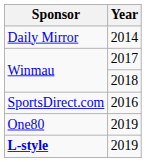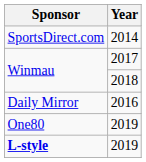 <table class="wikitable sortable">
 <tr>
 <th>Sponsor</th>
 <th>Year</th>
 </tr>
 <tr>
-<td><a href='#'>Daily Mirror</a></td>
+<td><a href='#'>SportsDirect.com</a></td>
 <td>2014</td>
 </tr>
 <tr>
 <td rowspan="2"><a href='#'>Winmau</a></td>
 <td>2017</td>
 </tr>
 <tr>
 <td>2018</td>
 </tr>
 <tr>
-<td><a href='#'>SportsDirect.com</a></td>
+<td><a href='#'>Daily Mirror</a></td>
 <td>2016</td>
 </tr>
 <tr>
 <td><a href='#'>One80</a></td>
 <td>2019</td>
 </tr>
 <tr>
 <td><strong><a href='#'>L-style</a></strong></td>
 <td>2019</td>
 </tr>
 </table>
